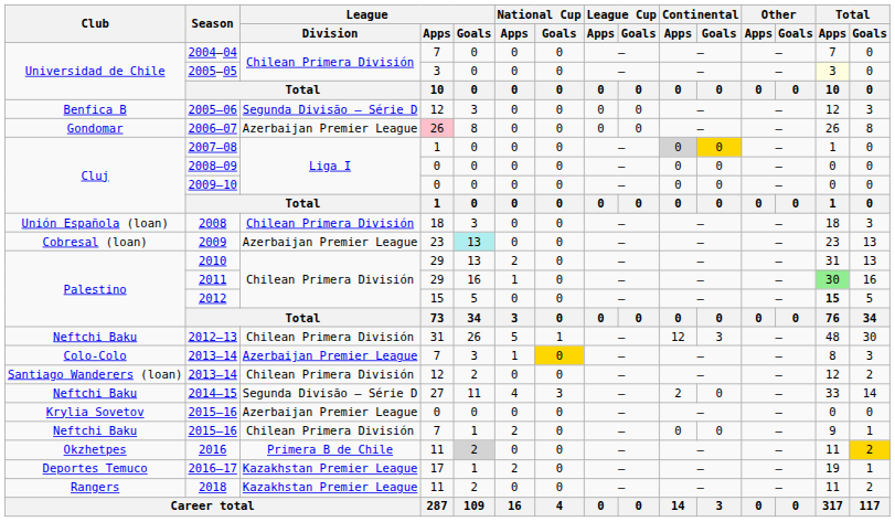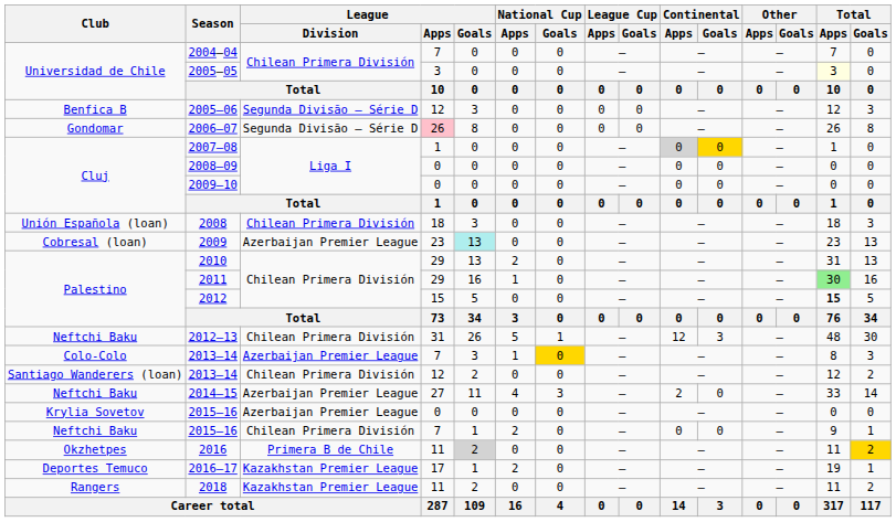 <table class="wikitable" style="text-align:center">
 <tr>
 <th rowspan="2">Club</th>
 <th rowspan="2">Season</th>
 <th colspan="3">League</th>
 <th colspan="2">National Cup</th>
 <th colspan="2">League Cup</th>
 <th colspan="2">Continental</th>
 <th colspan="2">Other</th>
 <th colspan="2">Total</th>
 </tr>
 <tr>
 <th>Division</th>
 <th>Apps</th>
 <th>Goals</th>
 <th>Apps</th>
 <th>Goals</th>
 <th>Apps</th>
 <th>Goals</th>
 <th>Apps</th>
 <th>Goals</th>
 <th>Apps</th>
 <th>Goals</th>
 <th>Apps</th>
 <th>Goals</th>
 </tr>
 <tr>
 <td rowspan="3"><a href='#'>Universidad de Chile</a></td>
 <td><a href='#'>2004</a>–<a href='#'>04</a></td>
 <td rowspan="2"><a href='#'>Chilean Primera División</a></td>
 <td>7</td>
 <td>0</td>
 <td>0</td>
 <td>0</td>
 <td colspan="2">–</td>
 <td colspan="2">–</td>
 <td colspan="2">–</td>
 <td>7</td>
 <td>0</td>
 </tr>
 <tr>
 <td><a href='#'>2005</a>–<a href='#'>05</a></td>
 <td>3</td>
 <td>0</td>
 <td>0</td>
 <td>0</td>
 <td colspan="2">–</td>
 <td colspan="2">–</td>
 <td colspan="2">–</td>
 <td style="background: lightyellow;">3</td>
 <td>0</td>
 </tr>
 <tr>
 <th colspan="2">Total</th>
 <th>10</th>
 <th>0</th>
 <th>0</th>
 <th>0</th>
 <th>0</th>
 <th>0</th>
 <th>0</th>
 <th>0</th>
 <th>0</th>
 <th>0</th>
 <th>10</th>
 <th>0</th>
 </tr>
 <tr>
 <td><a href='#'>Benfica B</a></td>
 <td><a href='#'>2005–06</a></td>
 <td><a href='#'>Segunda Divisão – Série D</a></td>
 <td>12</td>
 <td>3</td>
 <td>0</td>
 <td>0</td>
 <td>0</td>
 <td>0</td>
 <td colspan="2">–</td>
 <td colspan="2">–</td>
 <td>12</td>
 <td>3</td>
 </tr>
 <tr>
 <td><a href='#'>Gondomar</a></td>
 <td><a href='#'>2006–07</a></td>
-<td>Azerbaijan Premier League</td>
+<td>Segunda Divisão – Série D</td>
 <td style="background: pink;">26</td>
 <td>8</td>
 <td>0</td>
 <td>0</td>
 <td>0</td>
 <td>0</td>
 <td colspan="2">–</td>
 <td colspan="2">–</td>
 <td>26</td>
 <td>8</td>
 </tr>
 <tr>
 <td rowspan="4"><a href='#'>Cluj</a></td>
 <td><a href='#'>2007–08</a></td>
 <td rowspan="3"><a href='#'>Liga I</a></td>
 <td>1</td>
 <td>0</td>
 <td>0</td>
 <td>0</td>
 <td colspan="2">–</td>
 <td style="background: lightgrey;">0</td>
 <td style="background: gold;">0</td>
 <td colspan="2">–</td>
 <td>1</td>
 <td>0</td>
 </tr>
 <tr>
 <td><a href='#'>2008–09</a></td>
 <td>0</td>
 <td>0</td>
 <td>0</td>
 <td>0</td>
 <td colspan="2">–</td>
 <td>0</td>
 <td>0</td>
 <td colspan="2">–</td>
 <td>0</td>
 <td>0</td>
 </tr>
 <tr>
 <td><a href='#'>2009–10</a></td>
 <td>0</td>
 <td>0</td>
 <td>0</td>
 <td>0</td>
 <td colspan="2">–</td>
 <td>0</td>
 <td>0</td>
 <td colspan="2">–</td>
 <td>0</td>
 <td>0</td>
 </tr>
 <tr>
 <th colspan="2">Total</th>
 <th>1</th>
 <th>0</th>
 <th>0</th>
 <th>0</th>
 <th>0</th>
 <th>0</th>
 <th>0</th>
 <th>0</th>
 <th>0</th>
 <th>0</th>
 <th>1</th>
 <th>0</th>
 </tr>
 <tr>
 <td><a href='#'>Unión Española</a> (loan)</td>
 <td><a href='#'>2008</a></td>
 <td><a href='#'>Chilean Primera División</a></td>
 <td>18</td>
 <td>3</td>
 <td>0</td>
 <td>0</td>
 <td colspan="2">–</td>
 <td colspan="2">–</td>
 <td colspan="2">–</td>
 <td>18</td>
 <td>3</td>
 </tr>
 <tr>
 <td><a href='#'>Cobresal</a> (loan)</td>
 <td><a href='#'>2009</a></td>
 <td>Azerbaijan Premier League</td>
 <td>23</td>
 <td style="background: paleturquoise;">13</td>
 <td>0</td>
 <td>0</td>
 <td colspan="2">–</td>
 <td colspan="2">–</td>
 <td colspan="2">–</td>
 <td>23</td>
 <td>13</td>
 </tr>
 <tr>
 <td rowspan="4"><a href='#'>Palestino</a></td>
 <td><a href='#'>2010</a></td>
 <td rowspan="3">Chilean Primera División</td>
 <td>29</td>
 <td>13</td>
 <td>2</td>
 <td>0</td>
 <td colspan="2">–</td>
 <td colspan="2">–</td>
 <td colspan="2">–</td>
 <td>31</td>
 <td>13</td>
 </tr>
 <tr>
 <td><a href='#'>2011</a></td>
 <td>29</td>
 <td>16</td>
 <td>1</td>
 <td>0</td>
 <td colspan="2">–</td>
 <td colspan="2">–</td>
 <td colspan="2">–</td>
 <td style="background: lightgreen;">30</td>
 <td>16</td>
 </tr>
 <tr>
 <td><a href='#'>2012</a></td>
 <td>15</td>
 <td>5</td>
 <td>0</td>
 <td>0</td>
 <td colspan="2">–</td>
 <td colspan="2">–</td>
 <td colspan="2">–</td>
 <td><strong>15</strong></td>
 <td>5</td>
 </tr>
 <tr>
 <th colspan="2">Total</th>
 <th>73</th>
 <th>34</th>
 <th>3</th>
 <th>0</th>
 <th>0</th>
 <th>0</th>
 <th>0</th>
 <th>0</th>
 <th>0</th>
 <th>0</th>
 <th>76</th>
 <th>34</th>
 </tr>
 <tr>
 <td><a href='#'>Neftchi Baku</a></td>
 <td><a href='#'>2012–13</a></td>
 <td>Chilean Primera División</td>
 <td>31</td>
 <td>26</td>
 <td>5</td>
 <td>1</td>
 <td colspan="2">–</td>
 <td>12</td>
 <td>3</td>
 <td colspan="2">–</td>
 <td>48</td>
 <td>30</td>
 </tr>
 <tr>
 <td><a href='#'>Colo-Colo</a></td>
 <td><a href='#'>2013–14</a></td>
 <td><a href='#'>Azerbaijan Premier League</a></td>
 <td>7</td>
 <td>3</td>
 <td>1</td>
 <td style="background: gold;">0</td>
 <td colspan="2">–</td>
 <td colspan="2">–</td>
 <td colspan="2">–</td>
 <td>8</td>
 <td>3</td>
 </tr>
 <tr>
 <td><a href='#'>Santiago Wanderers</a> (loan)</td>
 <td><a href='#'>2013–14</a></td>
 <td>Chilean Primera División</td>
 <td>12</td>
 <td>2</td>
 <td>0</td>
 <td>0</td>
 <td colspan="2">–</td>
 <td colspan="2">–</td>
 <td colspan="2">–</td>
 <td>12</td>
 <td>2</td>
 </tr>
 <tr>
 <td><a href='#'>Neftchi Baku</a></td>
 <td><a href='#'>2014–15</a></td>
-<td>Segunda Divisão – Série D</td>
+<td>Azerbaijan Premier League</td>
 <td>27</td>
 <td>11</td>
 <td>4</td>
 <td>3</td>
 <td colspan="2">–</td>
 <td>2</td>
 <td>0</td>
 <td colspan="2">–</td>
 <td>33</td>
 <td>14</td>
 </tr>
 <tr>
 <td><a href='#'>Krylia Sovetov</a></td>
 <td><a href='#'>2015–16</a></td>
 <td>Azerbaijan Premier League</td>
 <td>0</td>
 <td>0</td>
 <td>0</td>
 <td>0</td>
 <td colspan="2">–</td>
 <td colspan="2">–</td>
 <td colspan="2">–</td>
 <td>0</td>
 <td>0</td>
 </tr>
 <tr>
 <td><a href='#'>Neftchi Baku</a></td>
 <td><a href='#'>2015–16</a></td>
 <td>Chilean Primera División</td>
 <td>7</td>
 <td>1</td>
 <td>2</td>
 <td>0</td>
 <td colspan="2">–</td>
 <td>0</td>
 <td>0</td>
 <td colspan="2">–</td>
 <td>9</td>
 <td>1</td>
 </tr>
 <tr>
 <td><a href='#'>Okzhetpes</a></td>
 <td><a href='#'>2016</a></td>
 <td><a href='#'>Primera B de Chile</a></td>
 <td>11</td>
 <td style="background: lightgrey;">2</td>
 <td>0</td>
 <td>0</td>
 <td colspan="2">–</td>
 <td colspan="2">–</td>
 <td colspan="2">–</td>
 <td>11</td>
 <td style="background: gold;">2</td>
 </tr>
 <tr>
 <td><a href='#'>Deportes Temuco</a></td>
 <td><a href='#'>2016–17</a></td>
 <td><a href='#'>Kazakhstan Premier League</a></td>
 <td>17</td>
 <td>1</td>
 <td>2</td>
 <td>0</td>
 <td colspan="2">–</td>
 <td colspan="2">–</td>
 <td colspan="2">–</td>
 <td>19</td>
 <td>1</td>
 </tr>
 <tr>
 <td><a href='#'>Rangers</a></td>
 <td><a href='#'>2018</a></td>
 <td><a href='#'>Kazakhstan Premier League</a></td>
 <td>11</td>
 <td>2</td>
 <td>0</td>
 <td>0</td>
 <td colspan="2">–</td>
 <td colspan="2">–</td>
 <td colspan="2">–</td>
 <td>11</td>
 <td>2</td>
 </tr>
 <tr>
 <th colspan="3">Career total</th>
 <th>287</th>
 <th>109</th>
 <th>16</th>
 <th>4</th>
 <th>0</th>
 <th>0</th>
 <th>14</th>
 <th>3</th>
 <th>0</th>
 <th>0</th>
 <th>317</th>
 <th>117</th>
 </tr>
 </table>
